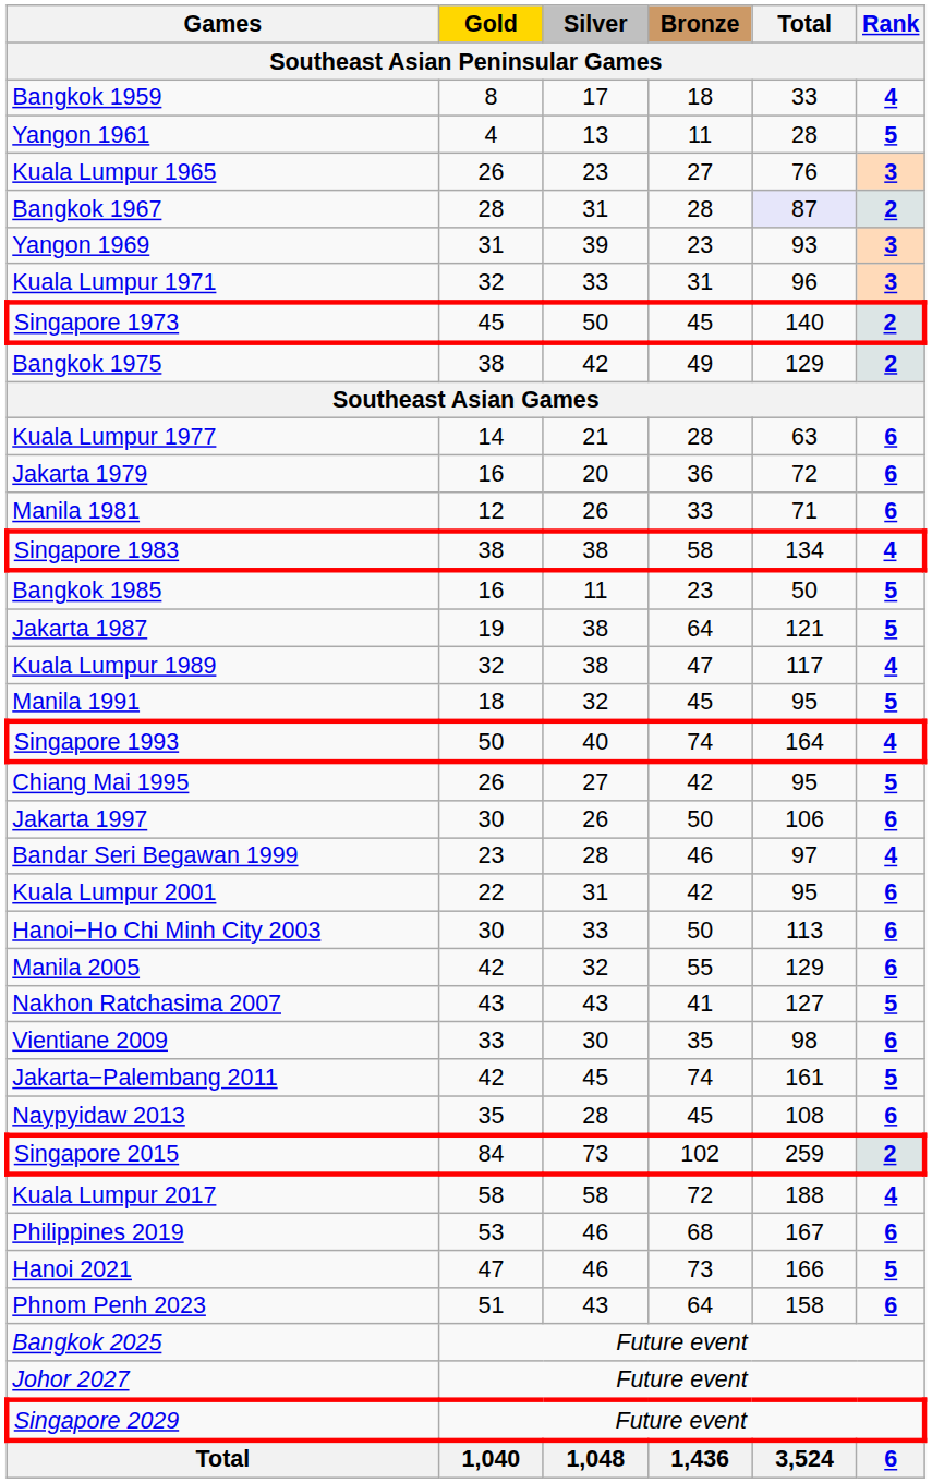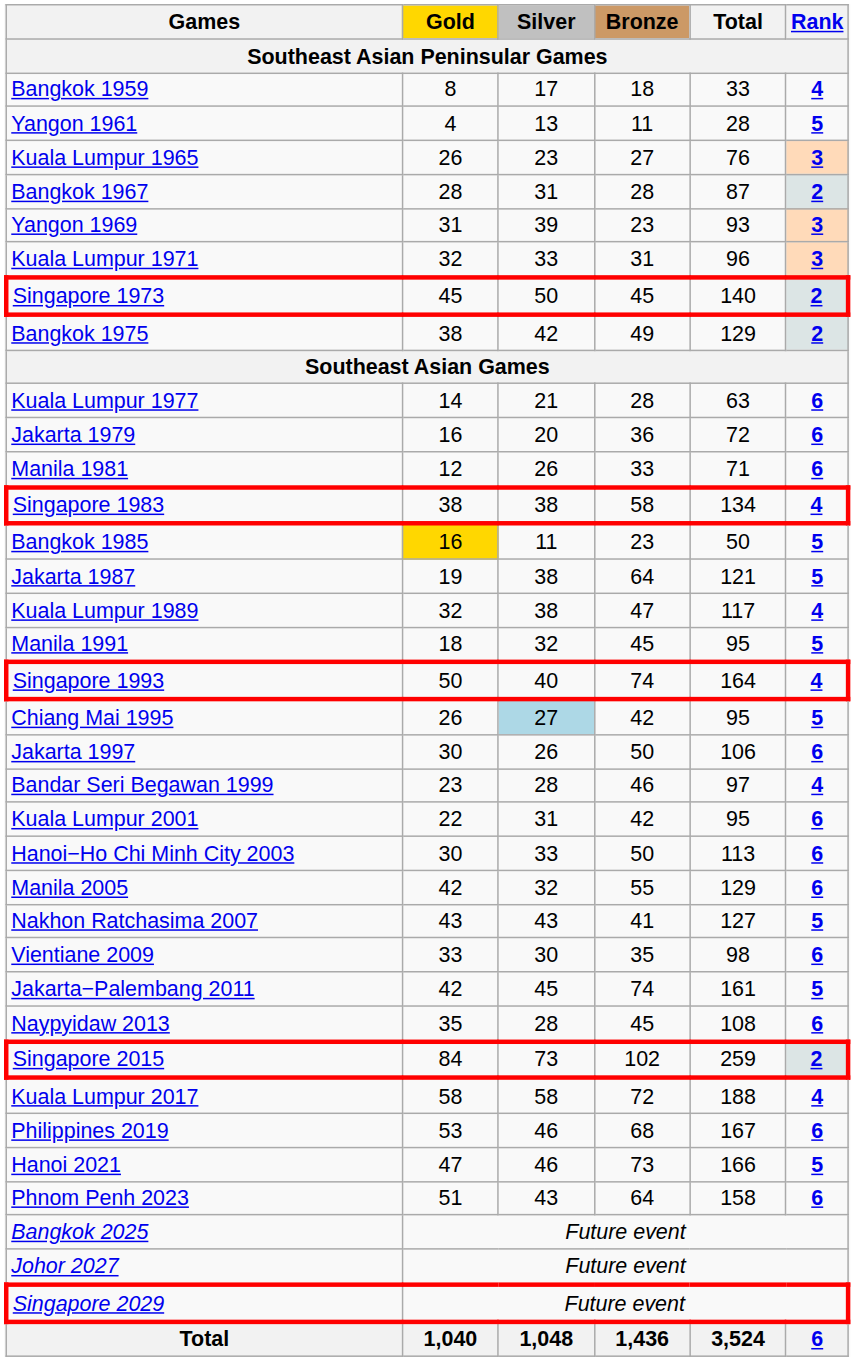 <table class="wikitable" style="text-align:center; font-size:90%;">
 <tr>
 <th style="width:18em;">Games</th>
 <th style="width:4em; background:gold;">Gold</th>
 <th style="width:4em; background:silver;">Silver</th>
 <th style="width:4em; background:#cc9966;">Bronze</th>
 <th style="width:4em;">Total</th>
 <th style="width:2em;"><a href='#'>Rank</a></th>
 </tr>
 <tr>
 <th colspan=6><strong>Southeast Asian Peninsular Games</strong></th>
 </tr>
 <tr>
 <td align=left> <a href='#'>Bangkok 1959</a></td>
 <td>8</td>
 <td>17</td>
 <td>18</td>
 <td>33</td>
 <td><a href='#'><strong>4</strong></a></td>
 </tr>
 <tr>
 <td align=left> <a href='#'>Yangon 1961</a></td>
 <td>4</td>
 <td>13</td>
 <td>11</td>
 <td>28</td>
 <td><a href='#'><strong>5</strong></a></td>
 </tr>
 <tr>
 <td align=left> <a href='#'>Kuala Lumpur 1965</a></td>
 <td>26</td>
 <td>23</td>
 <td>27</td>
 <td>76</td>
 <td bgcolor=ffdab9><a href='#'><strong>3</strong></a></td>
 </tr>
 <tr>
 <td align=left> <a href='#'>Bangkok 1967</a></td>
 <td>28</td>
 <td>31</td>
 <td>28</td>
-<td style="background: lavender;">87</td>
+<td>87</td>
 <td bgcolor=dce5e5><a href='#'><strong>2</strong></a></td>
 </tr>
 <tr>
 <td align=left> <a href='#'>Yangon 1969</a></td>
 <td>31</td>
 <td>39</td>
 <td>23</td>
 <td>93</td>
 <td bgcolor=ffdab9><a href='#'><strong>3</strong></a></td>
 </tr>
 <tr>
 <td align=left> <a href='#'>Kuala Lumpur 1971</a></td>
 <td>32</td>
 <td>33</td>
 <td>31</td>
 <td>96</td>
 <td bgcolor=ffdab9><a href='#'><strong>3</strong></a></td>
 </tr>
 <tr style="border: 3px solid red">
 <td align=left> <a href='#'>Singapore 1973</a></td>
 <td>45</td>
 <td>50</td>
 <td>45</td>
 <td>140</td>
 <td bgcolor=dce5e5><a href='#'><strong>2</strong></a></td>
 </tr>
 <tr>
 <td align=left> <a href='#'>Bangkok 1975</a></td>
 <td>38</td>
 <td>42</td>
 <td>49</td>
 <td>129</td>
 <td bgcolor=dce5e5><a href='#'><strong>2</strong></a></td>
 </tr>
 <tr>
 <th colspan=6><strong>Southeast Asian Games</strong></th>
 </tr>
 <tr>
 <td align=left> <a href='#'>Kuala Lumpur 1977</a></td>
 <td>14</td>
 <td>21</td>
 <td>28</td>
 <td>63</td>
 <td><a href='#'><strong>6</strong></a></td>
 </tr>
 <tr>
 <td align=left> <a href='#'>Jakarta 1979</a></td>
 <td>16</td>
 <td>20</td>
 <td>36</td>
 <td>72</td>
 <td><a href='#'><strong>6</strong></a></td>
 </tr>
 <tr>
 <td align=left> <a href='#'>Manila 1981</a></td>
 <td>12</td>
 <td>26</td>
 <td>33</td>
 <td>71</td>
 <td><a href='#'><strong>6</strong></a></td>
 </tr>
 <tr style="border: 3px solid red">
 <td align=left> <a href='#'>Singapore 1983</a></td>
 <td>38</td>
 <td>38</td>
 <td>58</td>
 <td>134</td>
 <td><a href='#'><strong>4</strong></a></td>
 </tr>
 <tr>
 <td align=left> <a href='#'>Bangkok 1985</a></td>
-<td>16</td>
+<td style="background: gold;">16</td>
 <td>11</td>
 <td>23</td>
 <td>50</td>
 <td><a href='#'><strong>5</strong></a></td>
 </tr>
 <tr>
 <td align=left> <a href='#'>Jakarta 1987</a></td>
 <td>19</td>
 <td>38</td>
 <td>64</td>
 <td>121</td>
 <td><a href='#'><strong>5</strong></a></td>
 </tr>
 <tr>
 <td align=left> <a href='#'>Kuala Lumpur 1989</a></td>
 <td>32</td>
 <td>38</td>
 <td>47</td>
 <td>117</td>
 <td><a href='#'><strong>4</strong></a></td>
 </tr>
 <tr>
 <td align=left> <a href='#'>Manila 1991</a></td>
 <td>18</td>
 <td>32</td>
 <td>45</td>
 <td>95</td>
 <td><a href='#'><strong>5</strong></a></td>
 </tr>
 <tr style="border: 3px solid red">
 <td align=left> <a href='#'>Singapore 1993</a></td>
 <td>50</td>
 <td>40</td>
 <td>74</td>
 <td>164</td>
 <td><a href='#'><strong>4</strong></a></td>
 </tr>
 <tr>
 <td align=left> <a href='#'>Chiang Mai 1995</a></td>
 <td>26</td>
-<td>27</td>
+<td style="background: lightblue;">27</td>
 <td>42</td>
 <td>95</td>
 <td><a href='#'><strong>5</strong></a></td>
 </tr>
 <tr>
 <td align=left> <a href='#'>Jakarta 1997</a></td>
 <td>30</td>
 <td>26</td>
 <td>50</td>
 <td>106</td>
 <td><a href='#'><strong>6</strong></a></td>
 </tr>
 <tr>
 <td align=left> <a href='#'>Bandar Seri Begawan 1999</a></td>
 <td>23</td>
 <td>28</td>
 <td>46</td>
 <td>97</td>
 <td><a href='#'><strong>4</strong></a></td>
 </tr>
 <tr>
 <td align=left> <a href='#'>Kuala Lumpur 2001</a></td>
 <td>22</td>
 <td>31</td>
 <td>42</td>
 <td>95</td>
 <td><a href='#'><strong>6</strong></a></td>
 </tr>
 <tr>
 <td align=left> <a href='#'>Hanoi−Ho Chi Minh City 2003</a></td>
 <td>30</td>
 <td>33</td>
 <td>50</td>
 <td>113</td>
 <td><a href='#'><strong>6</strong></a></td>
 </tr>
 <tr>
 <td align=left> <a href='#'>Manila 2005</a></td>
 <td>42</td>
 <td>32</td>
 <td>55</td>
 <td>129</td>
 <td><a href='#'><strong>6</strong></a></td>
 </tr>
 <tr>
 <td align=left> <a href='#'>Nakhon Ratchasima 2007</a></td>
 <td>43</td>
 <td>43</td>
 <td>41</td>
 <td>127</td>
 <td><a href='#'><strong>5</strong></a></td>
 </tr>
 <tr>
 <td align=left> <a href='#'>Vientiane 2009</a></td>
 <td>33</td>
 <td>30</td>
 <td>35</td>
 <td>98</td>
 <td><a href='#'><strong>6</strong></a></td>
 </tr>
 <tr>
 <td align=left> <a href='#'>Jakarta−Palembang 2011</a></td>
 <td>42</td>
 <td>45</td>
 <td>74</td>
 <td>161</td>
 <td><a href='#'><strong>5</strong></a></td>
 </tr>
 <tr>
 <td align=left> <a href='#'>Naypyidaw 2013</a></td>
 <td>35</td>
 <td>28</td>
 <td>45</td>
 <td>108</td>
 <td><a href='#'><strong>6</strong></a></td>
 </tr>
 <tr style="border: 3px solid red">
 <td align=left> <a href='#'>Singapore 2015</a></td>
 <td>84</td>
 <td>73</td>
 <td>102</td>
 <td>259</td>
 <td bgcolor=dce5e5><a href='#'><strong>2</strong></a></td>
 </tr>
 <tr>
 <td align=left> <a href='#'>Kuala Lumpur 2017</a></td>
 <td>58</td>
 <td>58</td>
 <td>72</td>
 <td>188</td>
 <td><a href='#'><strong>4</strong></a></td>
 </tr>
 <tr>
 <td align=left> <a href='#'>Philippines 2019</a></td>
 <td>53</td>
 <td>46</td>
 <td>68</td>
 <td>167</td>
 <td><a href='#'><strong>6</strong></a></td>
 </tr>
 <tr>
 <td align=left> <a href='#'>Hanoi 2021</a></td>
 <td>47</td>
 <td>46</td>
 <td>73</td>
 <td>166</td>
 <td><a href='#'><strong>5</strong></a></td>
 </tr>
 <tr>
 <td align=left> <a href='#'>Phnom Penh 2023</a></td>
 <td>51</td>
 <td>43</td>
 <td>64</td>
 <td>158</td>
 <td><a href='#'><strong>6</strong></a></td>
 </tr>
 <tr>
 <td align=left> <em><a href='#'>Bangkok 2025</a></em></td>
 <td colspan=5><em>Future event</em></td>
 </tr>
 <tr>
 <td align=left> <em><a href='#'>Johor 2027</a></em></td>
 <td colspan=5><em>Future event</em></td>
 </tr>
 <tr style="border: 3px solid red">
 <td align=left> <em><a href='#'>Singapore 2029</a></em></td>
 <td colspan=5><em>Future event</em></td>
 </tr>
 <tr>
 <th><strong>Total</strong></th>
 <th><strong>1,040</strong></th>
 <th><strong>1,048</strong></th>
 <th><strong>1,436</strong></th>
 <th><strong>3,524</strong></th>
 <th><strong><a href='#'>6</a></strong></th>
 </tr>
 </table>
